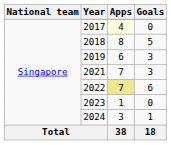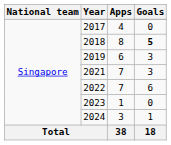 <table class="wikitable" style="text-align:center">
 <tr>
 <th>National team</th>
 <th>Year</th>
 <th>Apps</th>
 <th>Goals</th>
 </tr>
 <tr>
 <td rowspan="8"><a href='#'>Singapore</a></td>
 </tr>
 <tr>
 <td>2017</td>
-<td style="background: lightyellow;">4</td>
+<td>4</td>
 <td>0</td>
 </tr>
 <tr>
 <td>2018</td>
 <td>8</td>
-<td>5</td>
+<td><strong>5</strong></td>
 </tr>
 <tr>
 <td>2019</td>
 <td>6</td>
 <td>3</td>
 </tr>
 <tr>
 <td>2021</td>
 <td>7</td>
 <td>3</td>
 </tr>
 <tr>
 <td>2022</td>
-<td style="background: khaki;">7</td>
+<td>7</td>
 <td>6</td>
 </tr>
 <tr>
 <td>2023</td>
 <td>1</td>
 <td>0</td>
 </tr>
 <tr>
 <td>2024</td>
 <td>3</td>
 <td>1</td>
 </tr>
 <tr>
 <th colspan="2">Total</th>
 <th>38</th>
 <th>18</th>
 </tr>
 </table>
